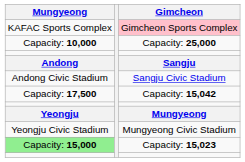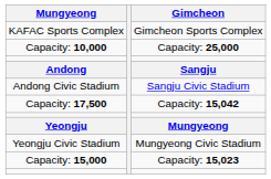 <table class="wikitable" style="margin:1em auto; text-align:center;">
 <tr>
 <th><a href='#'>Mungyeong</a></th>
 <th rowspan=12 colspan=2></th>
 <th><a href='#'>Gimcheon</a></th>
 </tr>
 <tr>
 <td>KAFAC Sports Complex</td>
-<td style="background: pink;">Gimcheon Sports Complex</td>
+<td>Gimcheon Sports Complex</td>
 </tr>
 <tr>
 <td>Capacity: <strong>10,000</strong></td>
 <td>Capacity: <strong>25,000</strong></td>
 </tr>
 <tr>
 <td></td>
 <td></td>
 </tr>
 <tr>
 <th><a href='#'>Andong</a></th>
 <th><a href='#'>Sangju</a></th>
 </tr>
 <tr>
 <td>Andong Civic Stadium</td>
 <td><a href='#'>Sangju Civic Stadium</a></td>
 </tr>
 <tr>
 <td>Capacity: <strong>17,500</strong></td>
 <td>Capacity: <strong>15,042</strong></td>
 </tr>
 <tr>
 <td></td>
 <td></td>
 </tr>
 <tr>
 <th><a href='#'>Yeongju</a></th>
 <th><a href='#'>Mungyeong</a></th>
 </tr>
 <tr>
 <td>Yeongju Civic Stadium</td>
 <td>Mungyeong Civic Stadium</td>
 </tr>
 <tr>
-<td style="background: lightgreen;">Capacity: <strong>15,000</strong></td>
+<td>Capacity: <strong>15,000</strong></td>
 <td>Capacity: <strong>15,023</strong></td>
 </tr>
 <tr>
 <td></td>
 <td></td>
 </tr>
 </table>
